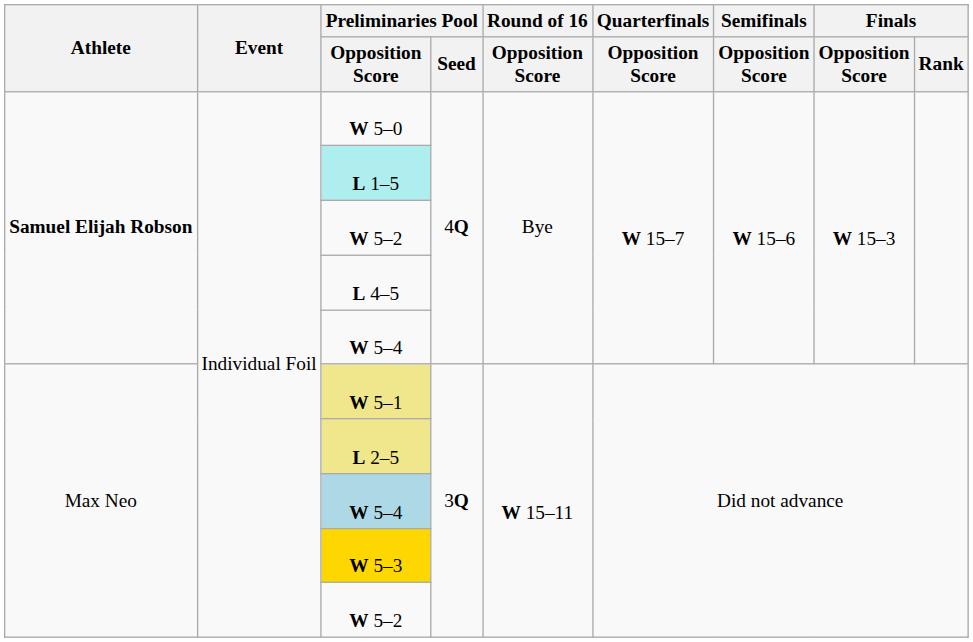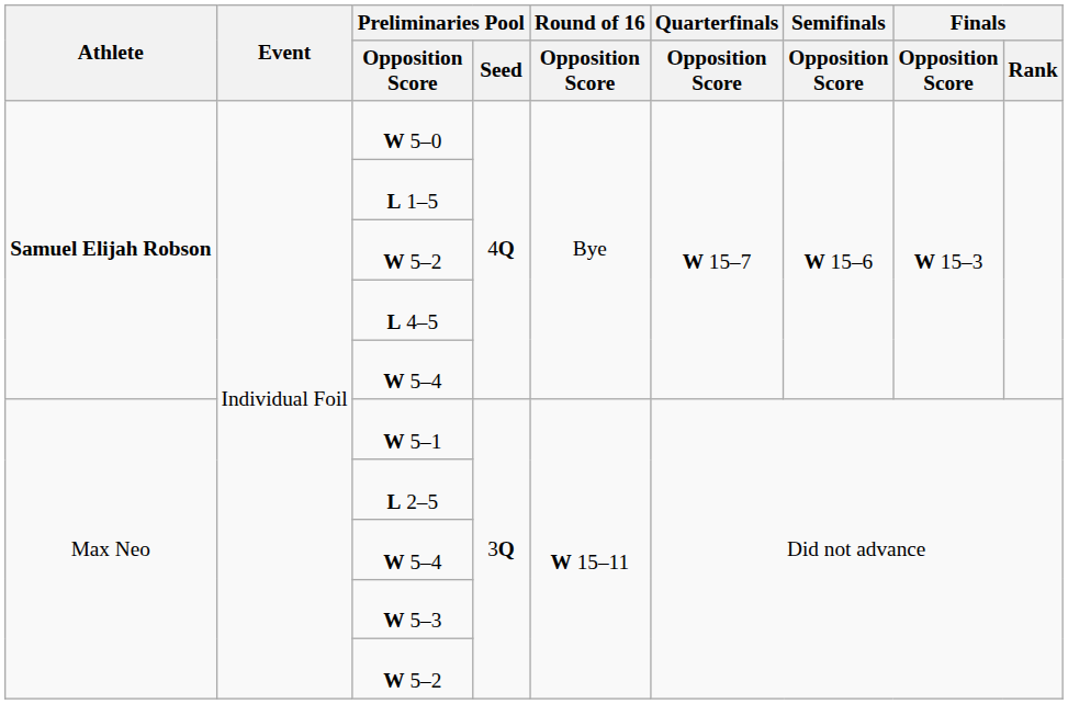 <table class="wikitable" style="font-size:90%">
 <tr>
 <th rowspan="2">Athlete</th>
 <th rowspan="2">Event</th>
 <th colspan="2">Preliminaries Pool</th>
 <th>Round of 16</th>
 <th>Quarterfinals</th>
 <th>Semifinals</th>
 <th colspan="2">Finals</th>
 </tr>
 <tr>
 <th>Opposition<br>Score</th>
 <th>Seed</th>
 <th>Opposition<br>Score</th>
 <th>Opposition<br>Score</th>
 <th>Opposition<br>Score</th>
 <th>Opposition<br>Score</th>
 <th>Rank</th>
 </tr>
 <tr align="center">
 <td rowspan="5"><strong>Samuel Elijah Robson</strong></td>
 <td rowspan="10">Individual Foil</td>
 <td><br><strong>W</strong> 5–0</td>
 <td rowspan="5">4<strong>Q</strong></td>
 <td rowspan="5">Bye</td>
 <td rowspan="5"><br><strong>W</strong> 15–7</td>
 <td rowspan="5"><br><strong>W</strong> 15–6</td>
 <td rowspan="5"><br><strong>W</strong> 15–3</td>
 <td rowspan="5"></td>
 </tr>
 <tr align="center">
-<td style="background: paleturquoise;"><br><strong>L</strong> 1–5</td>
+<td><br><strong>L</strong> 1–5</td>
 </tr>
 <tr align="center">
 <td><br><strong>W</strong> 5–2</td>
 </tr>
 <tr align="center">
 <td><br><strong>L</strong> 4–5</td>
 </tr>
 <tr align="center">
 <td><br><strong>W</strong> 5–4</td>
 </tr>
 <tr align="center">
 <td rowspan="5">Max Neo</td>
-<td style="background: khaki;"><br><strong>W</strong> 5–1</td>
+<td><br><strong>W</strong> 5–1</td>
 <td rowspan="5">3<strong>Q</strong></td>
 <td rowspan="5"><br><strong>W</strong> 15–11</td>
 <td colspan="4" rowspan="5">Did not advance</td>
 </tr>
 <tr align="center">
-<td style="background: khaki;"><br><strong>L</strong> 2–5</td>
+<td><br><strong>L</strong> 2–5</td>
 </tr>
 <tr align="center">
-<td style="background: lightblue;"><br><strong>W</strong> 5–4</td>
+<td><br><strong>W</strong> 5–4</td>
 </tr>
 <tr align="center">
-<td style="background: gold;"><br><strong>W</strong> 5–3</td>
+<td><br><strong>W</strong> 5–3</td>
 </tr>
 <tr align="center">
 <td><br><strong>W</strong> 5–2</td>
 </tr>
 </table>
